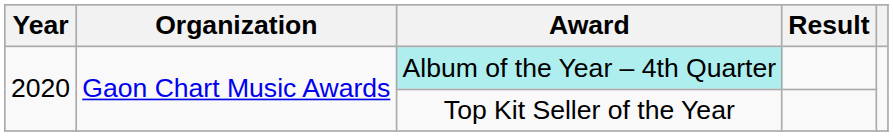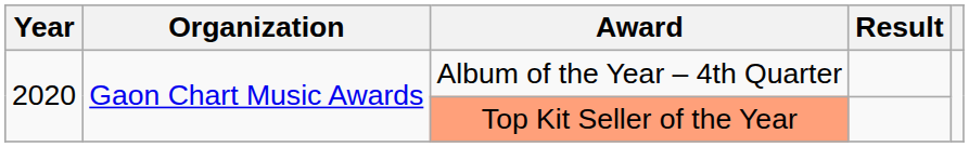 <table class="wikitable sortable plainrowheaders">
 <tr>
 <th scope="col">Year</th>
 <th scope="col">Organization</th>
 <th scope="col">Award</th>
 <th scope="col">Result</th>
 <th class="unsortable"></th>
 </tr>
 <tr>
 <td rowspan="2" align="center">2020</td>
 <td rowspan="2" align="center"><a href='#'>Gaon Chart Music Awards</a></td>
-<td align="center" style="background: paleturquoise;">Album of the Year – 4th Quarter</td>
+<td align="center">Album of the Year – 4th Quarter</td>
 <td></td>
 <td rowspan="2" style="text-align:center;"></td>
 </tr>
 <tr>
-<td align="center">Top Kit Seller of the Year</td>
+<td align="center" style="background: lightsalmon;">Top Kit Seller of the Year</td>
 <td></td>
 </tr>
 </table>
